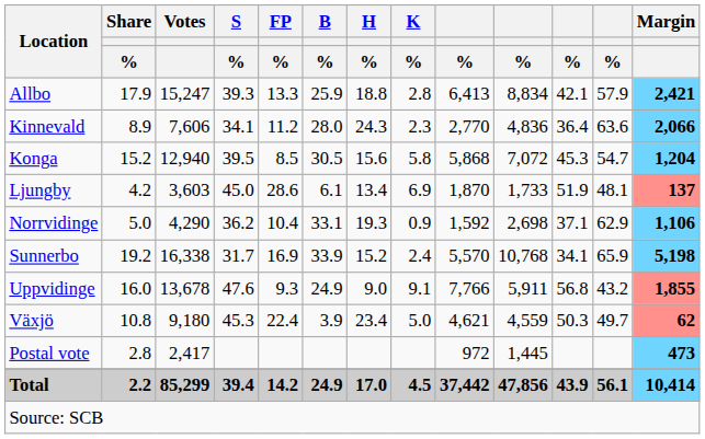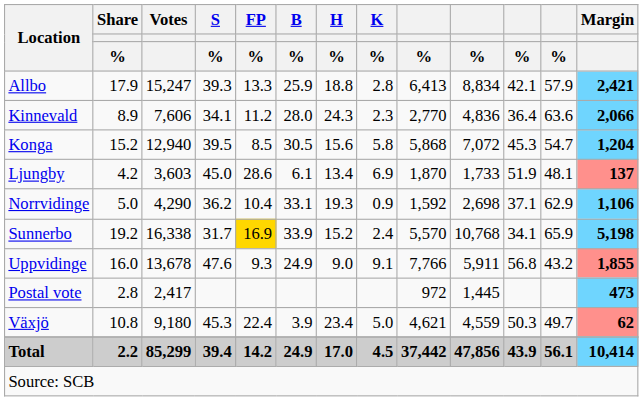 <table class="wikitable sortable" style="text-align:right; font-size:95%; line-height:20px;">
 <tr>
 <th rowspan="3">Location</th>
 <th>Share</th>
 <th>Votes</th>
 <th width="30px" class="unsortable"><a href='#'>S</a></th>
 <th width="30px" class="unsortable"><a href='#'>FP</a></th>
 <th width="30px" class="unsortable"><a href='#'>B</a></th>
 <th width="30px" class="unsortable"><a href='#'>H</a></th>
 <th width="30px" class="unsortable"><a href='#'>K</a></th>
 <th></th>
 <th></th>
 <th></th>
 <th></th>
 <th>Margin</th>
 </tr>
 <tr>
 <th></th>
 <th></th>
 <th style="background:"></th>
 <th style="background:"></th>
 <th style="background:"></th>
 <th style="background:"></th>
 <th style="background:"></th>
 <th style="background:"></th>
 <th style="background:"></th>
 <th style="background:"></th>
 <th style="background:"></th>
 <th></th>
 </tr>
 <tr>
 <th data-sort-type="number">%</th>
 <th></th>
 <th data-sort-type="number">%</th>
 <th data-sort-type="number">%</th>
 <th data-sort-type="number">%</th>
 <th data-sort-type="number">%</th>
 <th data-sort-type="number">%</th>
 <th data-sort-type="number">%</th>
 <th data-sort-type="number">%</th>
 <th data-sort-type="number">%</th>
 <th data-sort-type="number">%</th>
 <th data-sort-type="number"></th>
 </tr>
 <tr>
 <td align=left><a href='#'>Allbo</a></td>
 <td>17.9</td>
 <td>15,247</td>
 <td>39.3</td>
 <td>13.3</td>
 <td>25.9</td>
 <td>18.8</td>
 <td>2.8</td>
 <td>6,413</td>
 <td>8,834</td>
 <td>42.1</td>
 <td>57.9</td>
 <td bgcolor=#6fd5fe><strong>2,421</strong></td>
 </tr>
 <tr>
 <td align=left><a href='#'>Kinnevald</a></td>
 <td>8.9</td>
 <td>7,606</td>
 <td>34.1</td>
 <td>11.2</td>
 <td>28.0</td>
 <td>24.3</td>
 <td>2.3</td>
 <td>2,770</td>
 <td>4,836</td>
 <td>36.4</td>
 <td>63.6</td>
 <td bgcolor=#6fd5fe><strong>2,066</strong></td>
 </tr>
 <tr>
 <td align=left><a href='#'>Konga</a></td>
 <td>15.2</td>
 <td>12,940</td>
 <td>39.5</td>
 <td>8.5</td>
 <td>30.5</td>
 <td>15.6</td>
 <td>5.8</td>
 <td>5,868</td>
 <td>7,072</td>
 <td>45.3</td>
 <td>54.7</td>
 <td bgcolor=#6fd5fe><strong>1,204</strong></td>
 </tr>
 <tr>
 <td align=left><a href='#'>Ljungby</a></td>
 <td>4.2</td>
 <td>3,603</td>
 <td>45.0</td>
 <td>28.6</td>
 <td>6.1</td>
 <td>13.4</td>
 <td>6.9</td>
 <td>1,870</td>
 <td>1,733</td>
 <td>51.9</td>
 <td>48.1</td>
 <td bgcolor=#ff908c><strong>137</strong></td>
 </tr>
 <tr>
 <td align=left><a href='#'>Norrvidinge</a></td>
 <td>5.0</td>
 <td>4,290</td>
 <td>36.2</td>
 <td>10.4</td>
 <td>33.1</td>
 <td>19.3</td>
 <td>0.9</td>
 <td>1,592</td>
 <td>2,698</td>
 <td>37.1</td>
 <td>62.9</td>
 <td bgcolor=#6fd5fe><strong>1,106</strong></td>
 </tr>
 <tr>
 <td align=left><a href='#'>Sunnerbo</a></td>
 <td>19.2</td>
 <td>16,338</td>
 <td>31.7</td>
-<td>16.9</td>
+<td style="background: gold;">16.9</td>
 <td>33.9</td>
 <td>15.2</td>
 <td>2.4</td>
 <td>5,570</td>
 <td>10,768</td>
 <td>34.1</td>
 <td>65.9</td>
 <td bgcolor=#6fd5fe><strong>5,198</strong></td>
 </tr>
 <tr>
 <td align=left><a href='#'>Uppvidinge</a></td>
 <td>16.0</td>
 <td>13,678</td>
 <td>47.6</td>
 <td>9.3</td>
 <td>24.9</td>
 <td>9.0</td>
 <td>9.1</td>
 <td>7,766</td>
 <td>5,911</td>
 <td>56.8</td>
 <td>43.2</td>
 <td bgcolor=#ff908c><strong>1,855</strong></td>
 </tr>
 <tr>
+<td align=left><a href='#'>Postal vote</a></td>
+<td>2.8</td>
+<td>2,417</td>
+<td></td>
+<td></td>
+<td></td>
+<td></td>
+<td></td>
+<td>972</td>
+<td>1,445</td>
+<td></td>
+<td></td>
+<td bgcolor=#6fd5fe><strong>473</strong></td>
+</tr>
+<tr>
 <td align=left><a href='#'>Växjö</a></td>
 <td>10.8</td>
 <td>9,180</td>
 <td>45.3</td>
 <td>22.4</td>
 <td>3.9</td>
 <td>23.4</td>
 <td>5.0</td>
 <td>4,621</td>
 <td>4,559</td>
 <td>50.3</td>
 <td>49.7</td>
 <td bgcolor=#ff908c><strong>62</strong></td>
-</tr>
-<tr>
-<td align=left><a href='#'>Postal vote</a></td>
-<td>2.8</td>
-<td>2,417</td>
-<td></td>
-<td></td>
-<td></td>
-<td></td>
-<td></td>
-<td>972</td>
-<td>1,445</td>
-<td></td>
-<td></td>
-<td bgcolor=#6fd5fe><strong>473</strong></td>
 </tr>
 <tr>
 </tr>
 <tr style="background:#CDCDCD;">
 <td align=left><strong>Total</strong></td>
 <td><strong>2.2</strong></td>
 <td><strong>85,299</strong></td>
 <td><strong>39.4</strong></td>
 <td><strong>14.2</strong></td>
 <td><strong>24.9</strong></td>
 <td><strong>17.0</strong></td>
 <td><strong>4.5</strong></td>
 <td><strong>37,442</strong></td>
 <td><strong>47,856</strong></td>
 <td><strong>43.9</strong></td>
 <td><strong>56.1</strong></td>
 <td bgcolor=#6fd5fe><strong>10,414</strong></td>
 </tr>
 <tr>
 <td align=left colspan=13>Source: SCB </td>
 </tr>
 </table>
